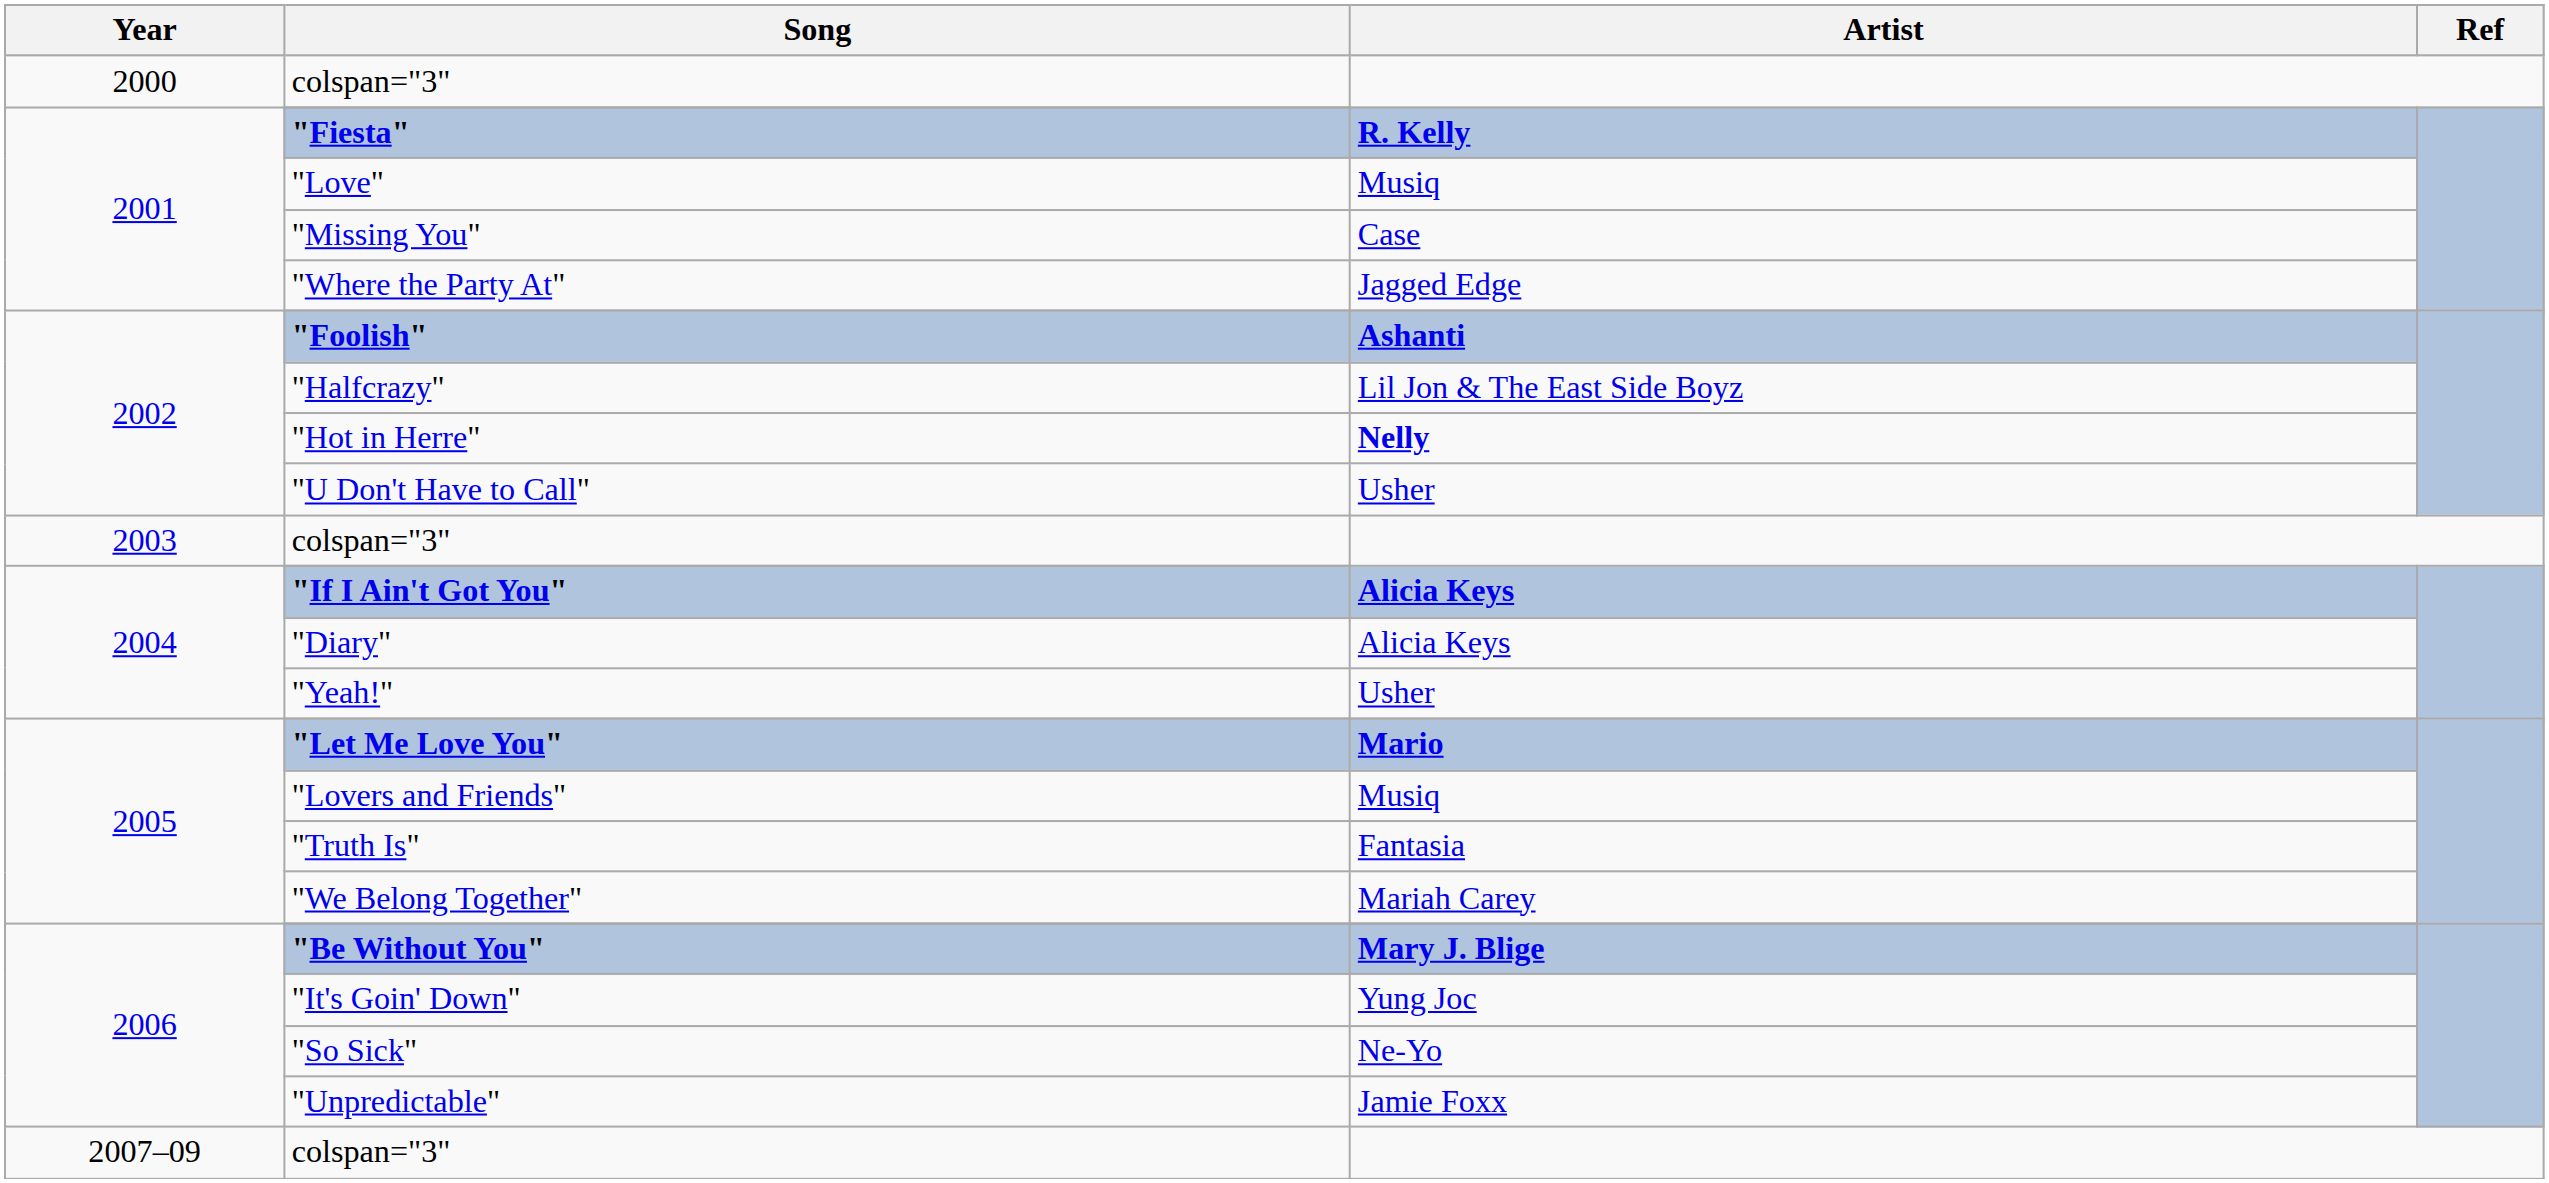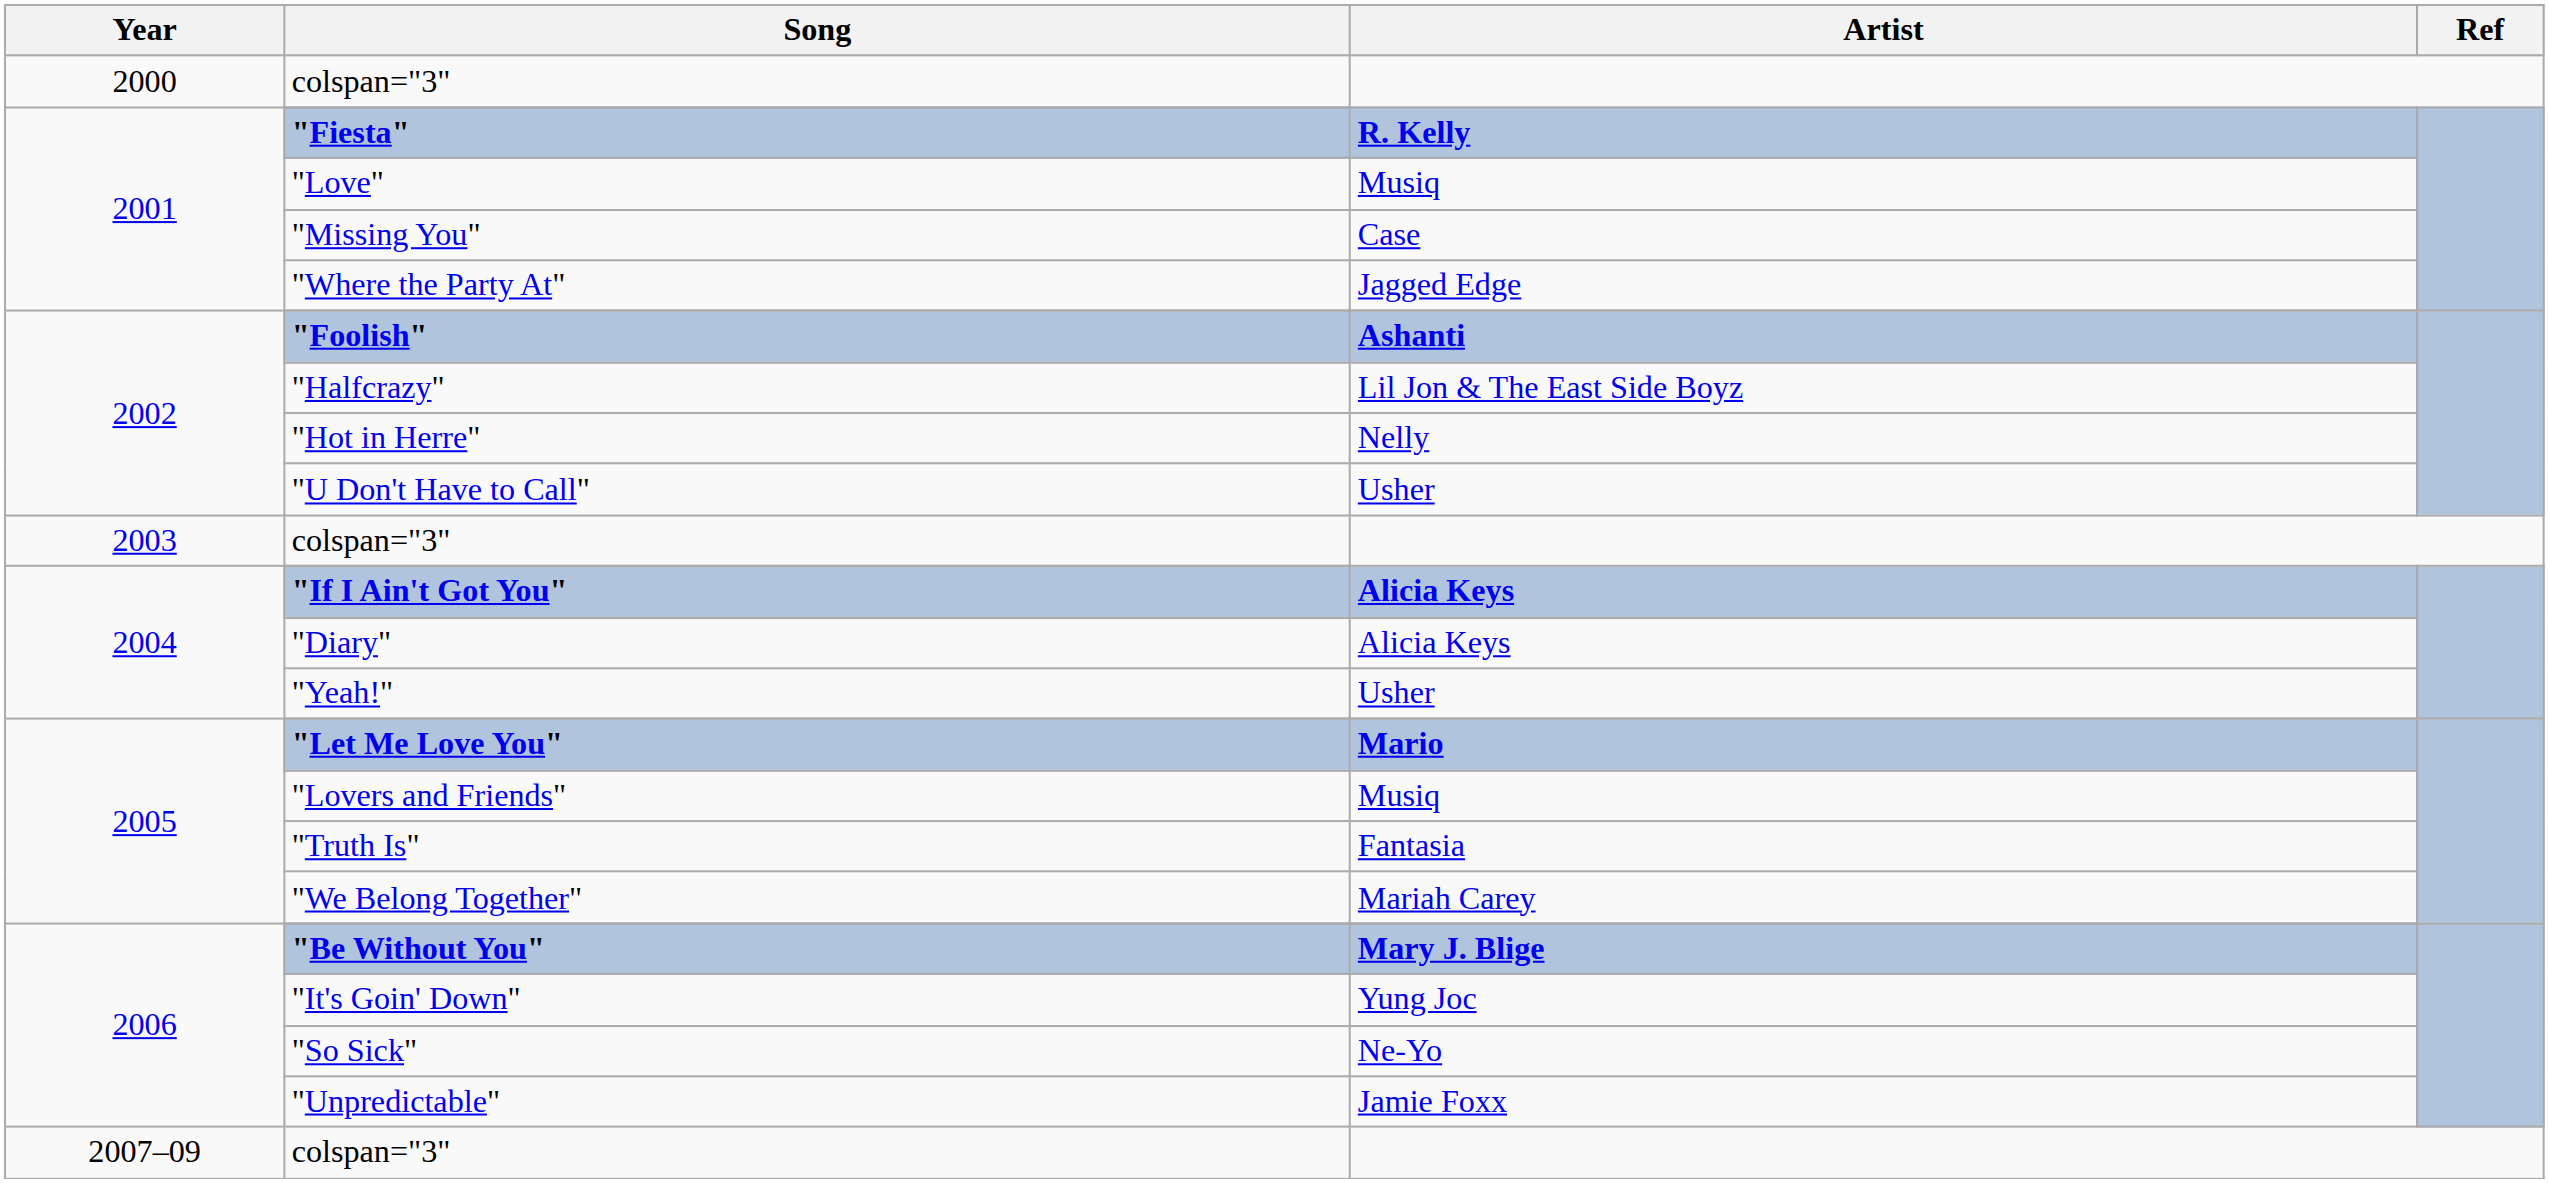 <table class="wikitable" style="width:100%;">
 <tr style="background:#bebebe;">
 <th style="width:11%;">Year</th>
 <th style="width:42%;">Song</th>
 <th style="width:42%;">Artist</th>
 <th style="width:5%;">Ref</th>
 </tr>
 <tr>
 <td align="center">2000</td>
 <td>colspan="3" </td>
 </tr>
 <tr>
 <td rowspan="5" align="center"><a href='#'>2001</a></td>
 </tr>
 <tr style="background:#B0C4DE">
 <td><strong>"<a href='#'>Fiesta</a>"</strong></td>
 <td><strong><a href='#'>R. Kelly</a> </strong></td>
 <td rowspan="5" align="center"></td>
 </tr>
 <tr>
 <td>"<a href='#'>Love</a>"</td>
 <td><a href='#'>Musiq</a></td>
 </tr>
 <tr>
 <td>"<a href='#'>Missing You</a>"</td>
 <td><a href='#'>Case</a></td>
 </tr>
 <tr>
 <td>"<a href='#'>Where the Party At</a>"</td>
 <td><a href='#'>Jagged Edge</a> </td>
 </tr>
 <tr>
 <td rowspan="5" align="center"><a href='#'>2002</a></td>
 </tr>
 <tr style="background:#B0C4DE">
 <td><strong>"<a href='#'>Foolish</a>"</strong></td>
 <td><strong><a href='#'>Ashanti</a></strong></td>
 <td rowspan="4" align="center"></td>
 </tr>
 <tr>
 <td>"<a href='#'>Halfcrazy</a>"</td>
 <td><a href='#'>Lil Jon & The East Side Boyz</a> </td>
 </tr>
 <tr>
 <td>"<a href='#'>Hot in Herre</a>"</td>
-<td><strong><a href='#'>Nelly</a></strong></td>
+<td><a href='#'>Nelly</a></td>
 </tr>
 <tr>
 <td>"<a href='#'>U Don't Have to Call</a>"</td>
 <td><a href='#'>Usher</a></td>
 </tr>
 <tr>
 <td align="center"><a href='#'>2003</a></td>
 <td>colspan="3" </td>
 </tr>
 <tr>
 <td rowspan="4" align="center"><a href='#'>2004</a></td>
 </tr>
 <tr style="background:#B0C4DE">
 <td><strong>"<a href='#'>If I Ain't Got You</a>"</strong></td>
 <td><strong><a href='#'>Alicia Keys</a></strong></td>
 <td rowspan="4" align="center"></td>
 </tr>
 <tr>
 <td>"<a href='#'>Diary</a>"</td>
 <td><a href='#'>Alicia Keys</a></td>
 </tr>
 <tr>
 <td>"<a href='#'>Yeah!</a>"</td>
 <td><a href='#'>Usher</a> </td>
 </tr>
 <tr>
 <td rowspan="5" align="center"><a href='#'>2005</a></td>
 </tr>
 <tr style="background:#B0C4DE">
 <td><strong>"<a href='#'>Let Me Love You</a>"</strong></td>
 <td><strong><a href='#'>Mario</a></strong></td>
 <td rowspan="5" align="center"></td>
 </tr>
 <tr>
 <td>"<a href='#'>Lovers and Friends</a>"</td>
 <td><a href='#'>Musiq</a></td>
 </tr>
 <tr>
 <td>"<a href='#'>Truth Is</a>"</td>
 <td><a href='#'>Fantasia</a></td>
 </tr>
 <tr>
 <td>"<a href='#'>We Belong Together</a>"</td>
 <td><a href='#'>Mariah Carey</a></td>
 </tr>
 <tr>
 <td rowspan="5" align="center"><a href='#'>2006</a></td>
 </tr>
 <tr style="background:#B0C4DE">
 <td><strong>"<a href='#'>Be Without You</a>"</strong></td>
 <td><strong><a href='#'>Mary J. Blige</a></strong></td>
 <td rowspan="4" align="center"></td>
 </tr>
 <tr>
 <td>"<a href='#'>It's Goin' Down</a>"</td>
 <td><a href='#'>Yung Joc</a></td>
 </tr>
 <tr>
 <td>"<a href='#'>So Sick</a>"</td>
 <td><a href='#'>Ne-Yo</a></td>
 </tr>
 <tr>
 <td>"<a href='#'>Unpredictable</a>"</td>
 <td><a href='#'>Jamie Foxx</a> </td>
 </tr>
 <tr>
 <td align="center">2007–09</td>
 <td>colspan="3" </td>
 </tr>
 </table>
